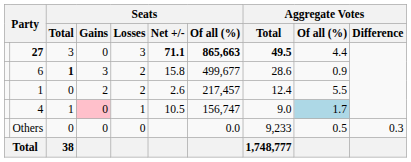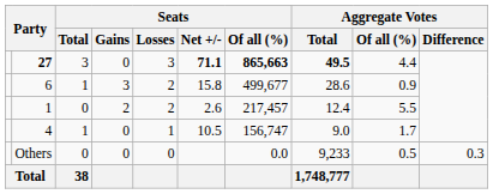 <table class="wikitable sortable" style="text-align:right; font-size:95%;">
 <tr>
 <th colspan="2" rowspan="2">Party</th>
 <th colspan="5">Seats</th>
 <th colspan="3">Aggregate Votes</th>
 </tr>
 <tr>
 <th>Total</th>
 <th>Gains</th>
 <th>Losses</th>
 <th>Net +/-</th>
 <th>Of all (%)</th>
 <th>Total</th>
 <th>Of all (%)</th>
 <th>Difference</th>
 </tr>
 <tr>
 <td></td>
 <td><strong>27</strong></td>
 <td>3</td>
 <td>0</td>
 <td>3</td>
 <td><strong>71.1</strong></td>
 <td><strong>865,663</strong></td>
 <td><strong>49.5</strong></td>
 <td>4.4</td>
 </tr>
 <tr>
 <td></td>
 <td>6</td>
-<td><strong>1</strong></td>
+<td>1</td>
 <td>3</td>
 <td>2</td>
 <td>15.8</td>
 <td>499,677</td>
 <td>28.6</td>
 <td>0.9</td>
 </tr>
 <tr>
 <td></td>
 <td>1</td>
 <td>0</td>
 <td>2</td>
 <td>2</td>
 <td>2.6</td>
 <td>217,457</td>
 <td>12.4</td>
 <td>5.5</td>
 </tr>
 <tr>
 <td></td>
 <td>4</td>
 <td>1</td>
-<td style="background: pink;">0</td>
+<td>0</td>
 <td>1</td>
 <td>10.5</td>
 <td>156,747</td>
 <td>9.0</td>
-<td style="background: lightblue;">1.7</td>
+<td>1.7</td>
 </tr>
 <tr>
 <td></td>
 <td align="left">Others</td>
 <td>0</td>
 <td>0</td>
 <td>0</td>
 <td></td>
 <td>0.0</td>
 <td>9,233</td>
 <td>0.5</td>
 <td>0.3</td>
 </tr>
 <tr class="sortbottom">
 <th colspan="2" style="background:#f2f2f2"><strong>Total</strong></th>
 <td style="background:#f2f2f2;"><strong>38</strong></td>
 <td style="background:#f2f2f2;"></td>
 <td style="background:#f2f2f2;"></td>
 <td style="background:#f2f2f2;"></td>
 <td style="background:#f2f2f2;"></td>
 <td style="background:#f2f2f2;"><strong>1,748,777</strong></td>
 <td style="background:#f2f2f2;"></td>
 <td style="background:#f2f2f2;"></td>
 </tr>
 </table>
